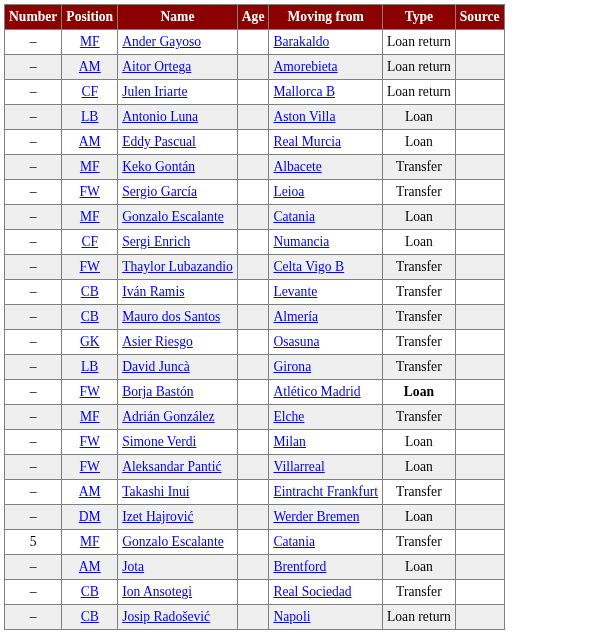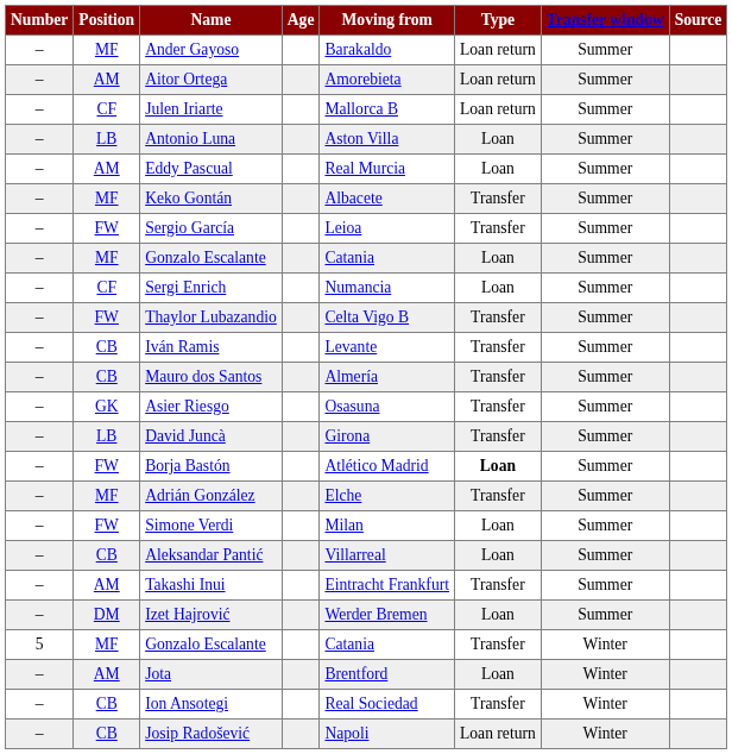 <table cellpadding="4" cellspacing="0" border="1" style="text-align: center; font-size: 85%; border: gray solid 1px; border-collapse: collapse;">
 <tr style="background:#8B0000; color:white;">
 <th>Number</th>
 <th>Position</th>
 <th>Name</th>
 <th>Age</th>
 <th>Moving from</th>
 <th>Type</th>
+<th><a href='#'>Transfer window</a></th>
 <th>Source</th>
 </tr>
 <tr>
 <td>–</td>
 <td><a href='#'>MF</a></td>
 <td align="left"> <a href='#'>Ander Gayoso</a></td>
 <td></td>
 <td align="left"><a href='#'>Barakaldo</a></td>
 <td>Loan return</td>
+<td>Summer</td>
 <td></td>
 </tr>
 <tr bgcolor="#EFEFEF">
 <td>–</td>
 <td><a href='#'>AM</a></td>
 <td align="left"> <a href='#'>Aitor Ortega</a></td>
 <td></td>
 <td align="left"><a href='#'>Amorebieta</a></td>
 <td>Loan return</td>
+<td>Summer</td>
 <td></td>
 </tr>
 <tr>
 <td>–</td>
 <td><a href='#'>CF</a></td>
 <td align="left"> <a href='#'>Julen Iriarte</a></td>
 <td></td>
 <td align="left"><a href='#'>Mallorca B</a></td>
 <td>Loan return</td>
+<td>Summer</td>
 <td></td>
 </tr>
 <tr bgcolor="#EFEFEF">
 <td>–</td>
 <td><a href='#'>LB</a></td>
 <td align="left"> <a href='#'>Antonio Luna</a></td>
 <td></td>
 <td align="left"> <a href='#'>Aston Villa</a></td>
 <td>Loan</td>
+<td>Summer</td>
 <td></td>
 </tr>
 <tr>
 <td>–</td>
 <td><a href='#'>AM</a></td>
 <td align="left"> <a href='#'>Eddy Pascual</a></td>
 <td></td>
 <td align="left"><a href='#'>Real Murcia</a></td>
 <td>Loan</td>
+<td>Summer</td>
 <td></td>
 </tr>
 <tr bgcolor="#EFEFEF">
 <td>–</td>
 <td><a href='#'>MF</a></td>
 <td align="left"> <a href='#'>Keko Gontán</a></td>
 <td></td>
 <td align="left"><a href='#'>Albacete</a></td>
 <td>Transfer</td>
+<td>Summer</td>
 <td></td>
 </tr>
 <tr>
 <td>–</td>
 <td><a href='#'>FW</a></td>
 <td align="left"> <a href='#'>Sergio García</a></td>
 <td></td>
 <td align="left"><a href='#'>Leioa</a></td>
 <td>Transfer</td>
+<td>Summer</td>
 <td></td>
 </tr>
 <tr bgcolor="#EFEFEF">
 <td>–</td>
 <td><a href='#'>MF</a></td>
 <td align="left"> <a href='#'>Gonzalo Escalante</a></td>
 <td></td>
 <td align="left"> <a href='#'>Catania</a></td>
 <td>Loan</td>
+<td>Summer</td>
 <td></td>
 </tr>
 <tr>
 <td>–</td>
 <td><a href='#'>CF</a></td>
 <td align="left"> <a href='#'>Sergi Enrich</a></td>
 <td></td>
 <td align="left"><a href='#'>Numancia</a></td>
 <td>Loan</td>
+<td>Summer</td>
 <td></td>
 </tr>
 <tr bgcolor="#EFEFEF">
 <td>–</td>
 <td><a href='#'>FW</a></td>
 <td align="left"> <a href='#'>Thaylor Lubazandio</a></td>
 <td></td>
 <td align="left"><a href='#'>Celta Vigo B</a></td>
 <td>Transfer</td>
+<td>Summer</td>
 <td></td>
 </tr>
 <tr>
 <td>–</td>
 <td><a href='#'>CB</a></td>
 <td align="left"> <a href='#'>Iván Ramis</a></td>
 <td></td>
 <td align="left"><a href='#'>Levante</a></td>
 <td>Transfer</td>
+<td>Summer</td>
 <td></td>
 </tr>
 <tr bgcolor="#EFEFEF">
 <td>–</td>
 <td><a href='#'>CB</a></td>
 <td align="left"> <a href='#'>Mauro dos Santos</a></td>
 <td></td>
 <td align="left"><a href='#'>Almería</a></td>
 <td>Transfer</td>
+<td>Summer</td>
 <td></td>
 </tr>
 <tr>
 <td>–</td>
 <td><a href='#'>GK</a></td>
 <td align="left"> <a href='#'>Asier Riesgo</a></td>
 <td></td>
 <td align="left"><a href='#'>Osasuna</a></td>
 <td>Transfer</td>
+<td>Summer</td>
 <td></td>
 </tr>
 <tr bgcolor="#EFEFEF">
 <td>–</td>
 <td><a href='#'>LB</a></td>
 <td align="left"> <a href='#'>David Juncà</a></td>
 <td></td>
 <td align="left"><a href='#'>Girona</a></td>
 <td>Transfer</td>
+<td>Summer</td>
 <td></td>
 </tr>
 <tr>
 <td>–</td>
 <td><a href='#'>FW</a></td>
 <td align="left"> <a href='#'>Borja Bastón</a></td>
 <td></td>
 <td align="left"><a href='#'>Atlético Madrid</a></td>
 <td><strong>Loan</strong></td>
+<td>Summer</td>
 <td></td>
 </tr>
 <tr bgcolor="#EFEFEF">
 <td>–</td>
 <td><a href='#'>MF</a></td>
 <td align="left"> <a href='#'>Adrián González</a></td>
 <td></td>
 <td align="left"><a href='#'>Elche</a></td>
 <td>Transfer</td>
+<td>Summer</td>
 <td></td>
 </tr>
 <tr>
 <td>–</td>
 <td><a href='#'>FW</a></td>
 <td align="left"> <a href='#'>Simone Verdi</a></td>
 <td></td>
 <td align="left"> <a href='#'>Milan</a></td>
 <td>Loan</td>
+<td>Summer</td>
 <td></td>
 </tr>
 <tr bgcolor="#EFEFEF">
 <td>–</td>
-<td><a href='#'>FW</a></td>
+<td><a href='#'>CB</a></td>
 <td align="left"> <a href='#'>Aleksandar Pantić</a></td>
 <td></td>
 <td align="left"><a href='#'>Villarreal</a></td>
 <td>Loan</td>
+<td>Summer</td>
 <td></td>
 </tr>
 <tr>
 <td>–</td>
 <td><a href='#'>AM</a></td>
 <td align="left"> <a href='#'>Takashi Inui</a></td>
 <td></td>
 <td align="left"> <a href='#'>Eintracht Frankfurt</a></td>
 <td>Transfer</td>
+<td>Summer</td>
 <td></td>
 </tr>
 <tr bgcolor="#EFEFEF">
 <td>–</td>
 <td><a href='#'>DM</a></td>
 <td align="left"> <a href='#'>Izet Hajrović</a></td>
 <td></td>
 <td align="left"> <a href='#'>Werder Bremen</a></td>
 <td>Loan</td>
+<td>Summer</td>
 <td></td>
 </tr>
 <tr>
 <td>5</td>
 <td><a href='#'>MF</a></td>
 <td align="left"> <a href='#'>Gonzalo Escalante</a></td>
 <td></td>
 <td align="left"> <a href='#'>Catania</a></td>
 <td>Transfer</td>
+<td>Winter</td>
 <td></td>
 </tr>
 <tr bgcolor="#EFEFEF">
 <td>–</td>
 <td><a href='#'>AM</a></td>
 <td align="left"> <a href='#'>Jota</a></td>
 <td></td>
 <td align="left"> <a href='#'>Brentford</a></td>
 <td>Loan</td>
+<td>Winter</td>
 <td></td>
 </tr>
 <tr>
 <td>–</td>
 <td><a href='#'>CB</a></td>
 <td align="left"> <a href='#'>Ion Ansotegi</a></td>
 <td></td>
 <td align="left"><a href='#'>Real Sociedad</a></td>
 <td>Transfer</td>
+<td>Winter</td>
 <td></td>
 </tr>
 <tr bgcolor="#EFEFEF">
 <td>–</td>
 <td><a href='#'>CB</a></td>
 <td align="left"> <a href='#'>Josip Radošević</a></td>
 <td></td>
 <td align="left"> <a href='#'>Napoli</a></td>
 <td>Loan return</td>
+<td>Winter</td>
 <td></td>
 </tr>
 </table>
